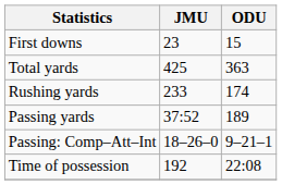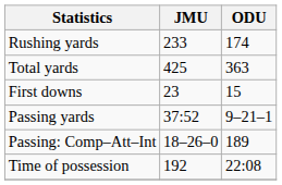 <table class="wikitable" style="float: left;">
 <tr>
 <th>Statistics</th>
 <th>JMU</th>
 <th>ODU</th>
 </tr>
 <tr>
-<td>First downs</td>
-<td>23</td>
-<td>15</td>
+<td>Rushing yards</td>
+<td>233</td>
+<td>174</td>
 </tr>
 <tr>
 <td>Total yards</td>
 <td>425</td>
 <td>363</td>
 </tr>
 <tr>
-<td>Rushing yards</td>
-<td>233</td>
-<td>174</td>
+<td>First downs</td>
+<td>23</td>
+<td>15</td>
 </tr>
 <tr>
 <td>Passing yards</td>
 <td>37:52</td>
-<td>189</td>
+<td>9–21–1</td>
 </tr>
 <tr>
 <td>Passing: Comp–Att–Int</td>
 <td>18–26–0</td>
-<td>9–21–1</td>
+<td>189</td>
 </tr>
 <tr>
 <td>Time of possession</td>
 <td>192</td>
 <td>22:08</td>
 </tr>
 <tr>
 </tr>
 </table>
